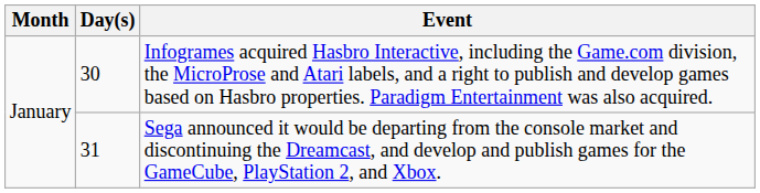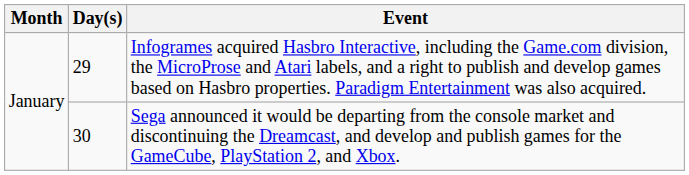 <table class="wikitable">
 <tr>
 <th>Month</th>
 <th>Day(s)</th>
 <th>Event</th>
 </tr>
 <tr>
 <td rowspan="2">January</td>
-<td>30</td>
+<td>29</td>
 <td><a href='#'>Infogrames</a> acquired <a href='#'>Hasbro Interactive</a>, including the <a href='#'>Game.com</a> division, the <a href='#'>MicroProse</a> and <a href='#'>Atari</a> labels, and a right to publish and develop games based on Hasbro properties. <a href='#'>Paradigm Entertainment</a> was also acquired.</td>
 </tr>
 <tr>
-<td>31</td>
+<td>30</td>
 <td><a href='#'>Sega</a> announced it would be departing from the console market and discontinuing the <a href='#'>Dreamcast</a>, and develop and publish games for the <a href='#'>GameCube</a>, <a href='#'>PlayStation 2</a>, and <a href='#'>Xbox</a>.</td>
 </tr>
 </table>
